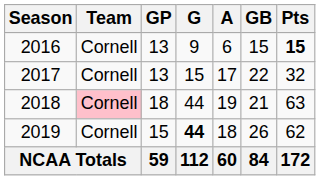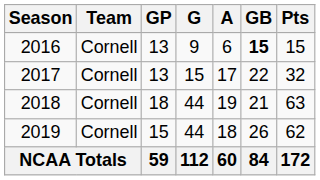 <table class="wikitable" style="text-align:center">
 <tr>
 <th>Season</th>
 <th>Team</th>
 <th>GP</th>
 <th>G</th>
 <th>A</th>
 <th>GB</th>
 <th>Pts</th>
 </tr>
 <tr>
 <td>2016</td>
 <td>Cornell</td>
 <td>13</td>
 <td>9</td>
 <td>6</td>
+<td><strong>15</strong></td>
 <td>15</td>
-<td><strong>15</strong></td>
 </tr>
 <tr>
 <td>2017</td>
 <td>Cornell</td>
 <td>13</td>
 <td>15</td>
 <td>17</td>
 <td>22</td>
 <td>32</td>
 </tr>
 <tr>
 <td>2018</td>
-<td style="background: pink;">Cornell</td>
+<td>Cornell</td>
 <td>18</td>
 <td>44</td>
 <td>19</td>
 <td>21</td>
 <td>63</td>
 </tr>
 <tr>
 <td>2019</td>
 <td>Cornell</td>
 <td>15</td>
-<td><strong>44</strong></td>
+<td>44</td>
 <td>18</td>
 <td>26</td>
 <td>62</td>
 </tr>
 <tr ALIGN="center" bgcolor="#e0e0e0">
 <th colspan=2>NCAA Totals</th>
 <th>59</th>
 <th>112</th>
 <th>60</th>
 <th>84</th>
 <th>172</th>
 </tr>
 </table>
